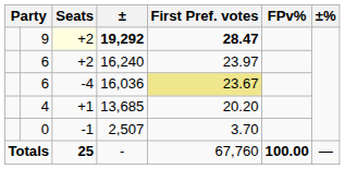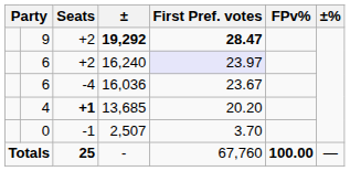 <table class=wikitable>
 <tr>
 <th colspan=2 align=center>Party</th>
 <th valign=top>Seats</th>
 <th valign=top>±</th>
 <th valign=top>First Pref. votes</th>
 <th valign=top>FPv%</th>
 <th valign=top>±%</th>
 </tr>
 <tr>
 <td></td>
 <td align=right>9</td>
-<td align=right style="background: lightyellow;">+2</td>
+<td align=right>+2</td>
 <td align=right><strong>19,292</strong></td>
 <td align=right><strong>28.47</strong></td>
 <td align=right></td>
 </tr>
 <tr>
 <td></td>
 <td align=right>6</td>
 <td align=right>+2</td>
 <td align=right>16,240</td>
-<td align=right>23.97</td>
+<td align=right style="background: lavender;">23.97</td>
 <td align=right></td>
 </tr>
 <tr>
 <td></td>
 <td align=right>6</td>
 <td align=right>-4</td>
 <td align=right>16,036</td>
-<td align=right style="background: khaki;">23.67</td>
+<td align=right>23.67</td>
 <td align=right></td>
 </tr>
 <tr>
 <td></td>
 <td align=right>4</td>
-<td align=right>+1</td>
+<td align=right><strong>+1</strong></td>
 <td align=right>13,685</td>
 <td align=right>20.20</td>
 <td align=right></td>
 </tr>
 <tr>
 <td></td>
 <td align=right>0</td>
 <td align=right>-1</td>
 <td align=right>2,507</td>
 <td align=right>3.70</td>
 <td align=right></td>
 </tr>
 <tr>
 <td colspan=2 align=center><strong>Totals</strong></td>
 <td align=right><strong>25</strong></td>
 <td align=center>-</td>
 <td align=right>67,760</td>
 <td align=center><strong>100.00</strong></td>
 <td align=center>—</td>
 </tr>
 </table>
